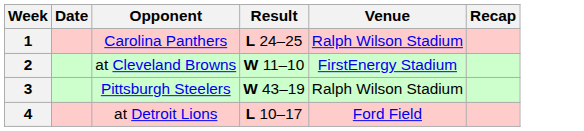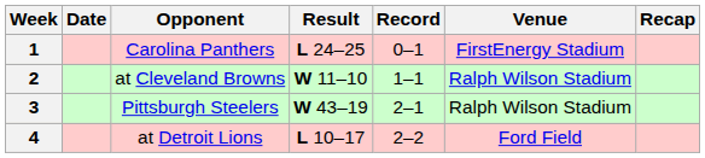 <table class="wikitable" style="text-align:center">
 <tr>
 <th>Week</th>
 <th>Date</th>
 <th>Opponent</th>
 <th>Result</th>
+<th>Record</th>
 <th>Venue</th>
 <th>Recap</th>
 </tr>
 <tr style="background:#fcc">
 <th>1</th>
 <td></td>
 <td><a href='#'>Carolina Panthers</a></td>
 <td><strong>L</strong> 24–25</td>
-<td><a href='#'>Ralph Wilson Stadium</a></td>
+<td>0–1</td>
+<td><a href='#'>FirstEnergy Stadium</a></td>
 <td></td>
 </tr>
 <tr style="background:#cfc">
 <th>2</th>
 <td></td>
 <td>at <a href='#'>Cleveland Browns</a></td>
 <td><strong>W</strong> 11–10</td>
-<td><a href='#'>FirstEnergy Stadium</a></td>
+<td>1–1</td>
+<td><a href='#'>Ralph Wilson Stadium</a></td>
 <td></td>
 </tr>
 <tr style="background:#cfc">
 <th>3</th>
 <td></td>
 <td><a href='#'>Pittsburgh Steelers</a></td>
 <td><strong>W</strong> 43–19</td>
+<td>2–1</td>
 <td>Ralph Wilson Stadium</td>
 <td></td>
 </tr>
 <tr style="background:#fcc">
 <th>4</th>
 <td></td>
 <td>at <a href='#'>Detroit Lions</a></td>
 <td><strong>L</strong> 10–17</td>
+<td>2–2</td>
 <td><a href='#'>Ford Field</a></td>
 <td></td>
 </tr>
 </table>
